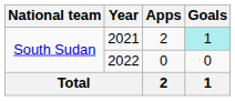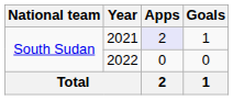 <table class="wikitable" style="text-align:center">
 <tr>
 <th>National team</th>
 <th>Year</th>
 <th>Apps</th>
 <th>Goals</th>
 </tr>
 <tr>
 <td rowspan=2><a href='#'>South Sudan</a></td>
 <td>2021</td>
-<td>2</td>
-<td style="background: paleturquoise;">1</td>
+<td style="background: lavender;">2</td>
+<td>1</td>
 </tr>
 <tr>
 <td>2022</td>
 <td>0</td>
 <td>0</td>
 </tr>
 <tr>
 <th colspan=2>Total</th>
 <th>2</th>
 <th>1</th>
 </tr>
 </table>
